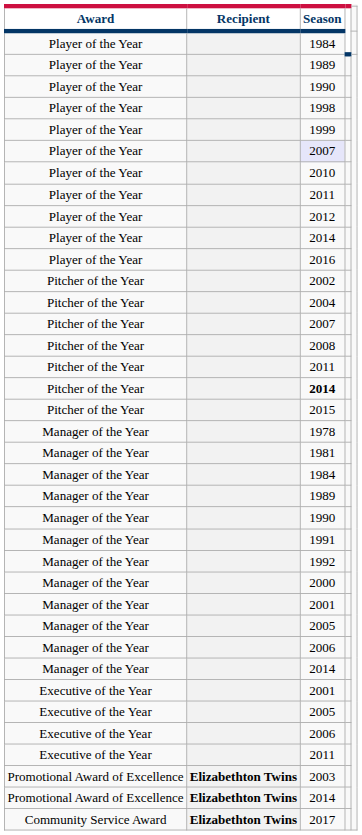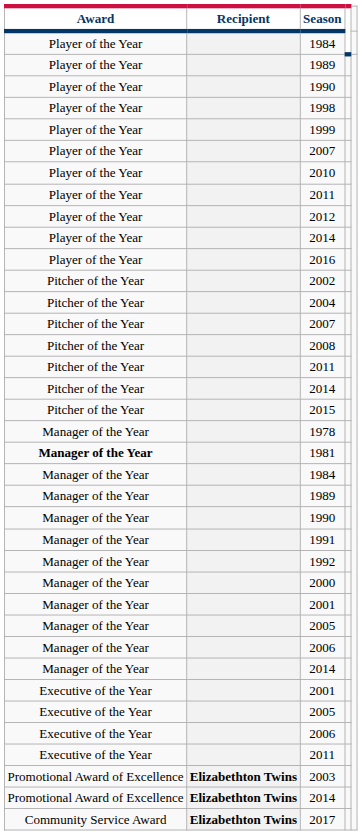 <table class="wikitable sortable plainrowheaders" style="font-size: 95%; text-align:center;">
 <tr>
 <th scope="col" style="background-color:#ffffff; border-top:#CD1041 5px solid; border-bottom:#043666 5px solid; color:#043666">Award</th>
 <th scope="col" style="background-color:#ffffff; border-top:#CD1041 5px solid; border-bottom:#043666 5px solid; color:#043666">Recipient</th>
 <th scope="col" style="background-color:#ffffff; border-top:#CD1041 5px solid; border-bottom:#043666 5px solid; color:#043666">Season</th>
 <th rowspan="2" class="unsortable" scope="col" style="background-color:#ffffff; border-top:#CD1041 5px solid; border-bottom:#043666 5px solid; color:#043666"></th>
 </tr>
 <tr>
 <td>Player of the Year</td>
 <th scope="row" style="text-align:center"></th>
 <td>1984</td>
 <td></td>
 </tr>
 <tr>
 <td>Player of the Year</td>
 <th scope="row" style="text-align:center"></th>
 <td>1989</td>
 <td></td>
 </tr>
 <tr>
 <td>Player of the Year</td>
 <th scope="row" style="text-align:center"></th>
 <td>1990</td>
 <td></td>
 </tr>
 <tr>
 <td>Player of the Year</td>
 <th scope="row" style="text-align:center"></th>
 <td>1998</td>
 <td></td>
 </tr>
 <tr>
 <td>Player of the Year</td>
 <th scope="row" style="text-align:center"></th>
 <td>1999</td>
 <td></td>
 </tr>
 <tr>
 <td>Player of the Year</td>
 <th scope="row" style="text-align:center"></th>
-<td style="background: lavender;">2007</td>
+<td>2007</td>
 <td></td>
 </tr>
 <tr>
 <td>Player of the Year</td>
 <th scope="row" style="text-align:center"></th>
 <td>2010</td>
 <td></td>
 </tr>
 <tr>
 <td>Player of the Year</td>
 <th scope="row" style="text-align:center"></th>
 <td>2011</td>
 <td></td>
 </tr>
 <tr>
 <td>Player of the Year</td>
 <th scope="row" style="text-align:center"></th>
 <td>2012</td>
 <td></td>
 </tr>
 <tr>
 <td>Player of the Year</td>
 <th scope="row" style="text-align:center"></th>
 <td>2014</td>
 <td></td>
 </tr>
 <tr>
 <td>Player of the Year</td>
 <th scope="row" style="text-align:center"></th>
 <td>2016</td>
 <td></td>
 </tr>
 <tr>
 <td>Pitcher of the Year</td>
 <th scope="row" style="text-align:center"></th>
 <td>2002</td>
 <td></td>
 </tr>
 <tr>
 <td>Pitcher of the Year</td>
 <th scope="row" style="text-align:center"></th>
 <td>2004</td>
 <td></td>
 </tr>
 <tr>
 <td>Pitcher of the Year</td>
 <th scope="row" style="text-align:center"></th>
 <td>2007</td>
 <td></td>
 </tr>
 <tr>
 <td>Pitcher of the Year</td>
 <th scope="row" style="text-align:center"></th>
 <td>2008</td>
 <td></td>
 </tr>
 <tr>
 <td>Pitcher of the Year</td>
 <th scope="row" style="text-align:center"></th>
 <td>2011</td>
 <td></td>
 </tr>
 <tr>
 <td>Pitcher of the Year</td>
 <th scope="row" style="text-align:center"></th>
-<td><strong>2014</strong></td>
+<td>2014</td>
 <td></td>
 </tr>
 <tr>
 <td>Pitcher of the Year</td>
 <th scope="row" style="text-align:center"></th>
 <td>2015</td>
 <td></td>
 </tr>
 <tr>
 <td>Manager of the Year</td>
 <th scope="row" style="text-align:center"></th>
 <td>1978</td>
 <td></td>
 </tr>
 <tr>
-<td>Manager of the Year</td>
+<td><strong>Manager of the Year</strong></td>
 <th scope="row" style="text-align:center"></th>
 <td>1981</td>
 <td></td>
 </tr>
 <tr>
 <td>Manager of the Year</td>
 <th scope="row" style="text-align:center"></th>
 <td>1984</td>
 <td></td>
 </tr>
 <tr>
 <td>Manager of the Year</td>
 <th scope="row" style="text-align:center"></th>
 <td>1989</td>
 <td></td>
 </tr>
 <tr>
 <td>Manager of the Year</td>
 <th scope="row" style="text-align:center"></th>
 <td>1990</td>
 <td></td>
 </tr>
 <tr>
 <td>Manager of the Year</td>
 <th scope="row" style="text-align:center"></th>
 <td>1991</td>
 <td></td>
 </tr>
 <tr>
 <td>Manager of the Year</td>
 <th scope="row" style="text-align:center"></th>
 <td>1992</td>
 <td></td>
 </tr>
 <tr>
 <td>Manager of the Year</td>
 <th scope="row" style="text-align:center"></th>
 <td>2000</td>
 <td></td>
 </tr>
 <tr>
 <td>Manager of the Year</td>
 <th scope="row" style="text-align:center"></th>
 <td>2001</td>
 <td></td>
 </tr>
 <tr>
 <td>Manager of the Year</td>
 <th scope="row" style="text-align:center"></th>
 <td>2005</td>
 <td></td>
 </tr>
 <tr>
 <td>Manager of the Year</td>
 <th scope="row" style="text-align:center"></th>
 <td>2006</td>
 <td></td>
 </tr>
 <tr>
 <td>Manager of the Year</td>
 <th scope="row" style="text-align:center"></th>
 <td>2014</td>
 <td></td>
 </tr>
 <tr>
 <td>Executive of the Year</td>
 <th scope="row" style="text-align:center"></th>
 <td>2001</td>
 <td></td>
 </tr>
 <tr>
 <td>Executive of the Year</td>
 <th scope="row" style="text-align:center"></th>
 <td>2005</td>
 <td></td>
 </tr>
 <tr>
 <td>Executive of the Year</td>
 <th scope="row" style="text-align:center"></th>
 <td>2006</td>
 <td></td>
 </tr>
 <tr>
 <td>Executive of the Year</td>
 <th scope="row" style="text-align:center"></th>
 <td>2011</td>
 <td></td>
 </tr>
 <tr>
 <td>Promotional Award of Excellence</td>
 <th scope="row" style="text-align:center">Elizabethton Twins</th>
 <td>2003</td>
 <td></td>
 </tr>
 <tr>
 <td>Promotional Award of Excellence</td>
 <th scope="row" style="text-align:center">Elizabethton Twins</th>
 <td>2014</td>
 <td></td>
 </tr>
 <tr>
 <td>Community Service Award</td>
 <th scope="row" style="text-align:center">Elizabethton Twins</th>
 <td>2017</td>
 <td></td>
 </tr>
 </table>
